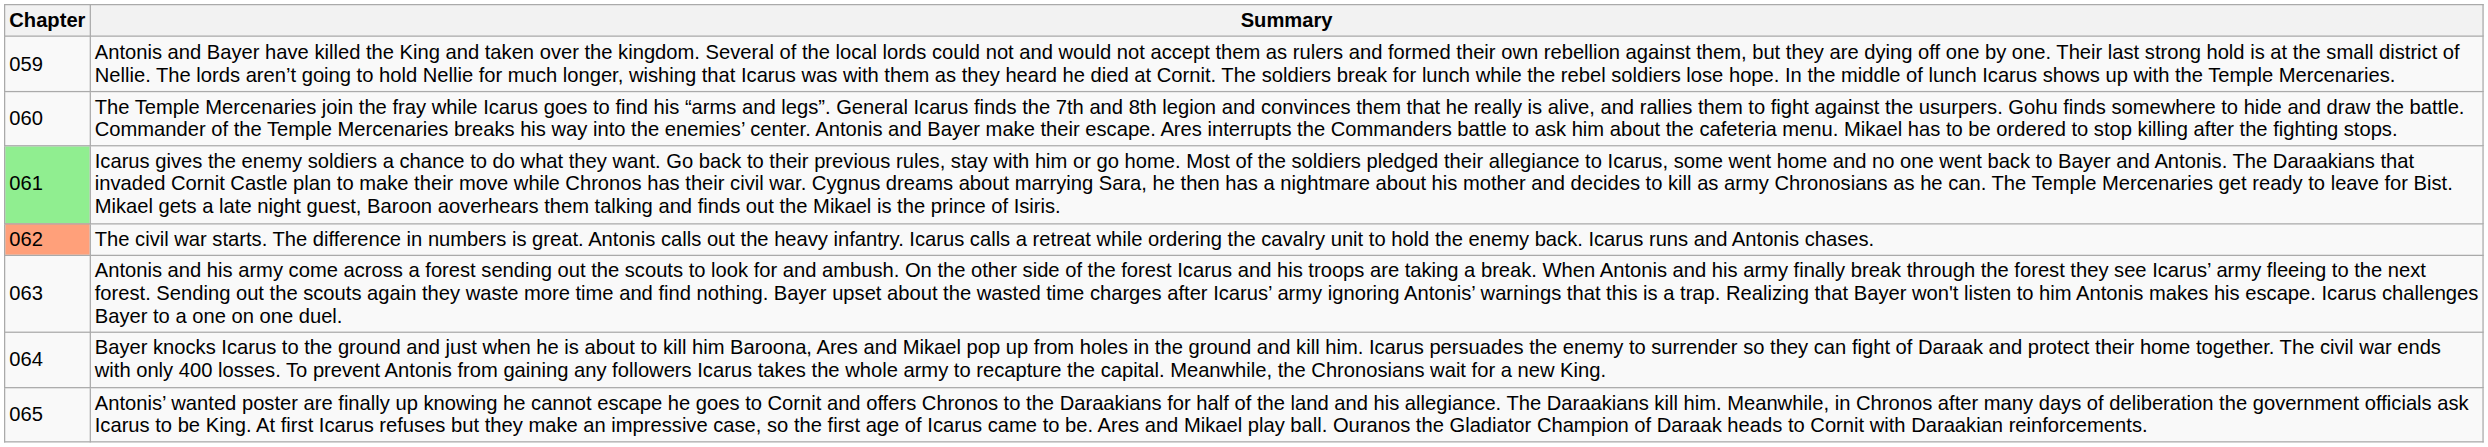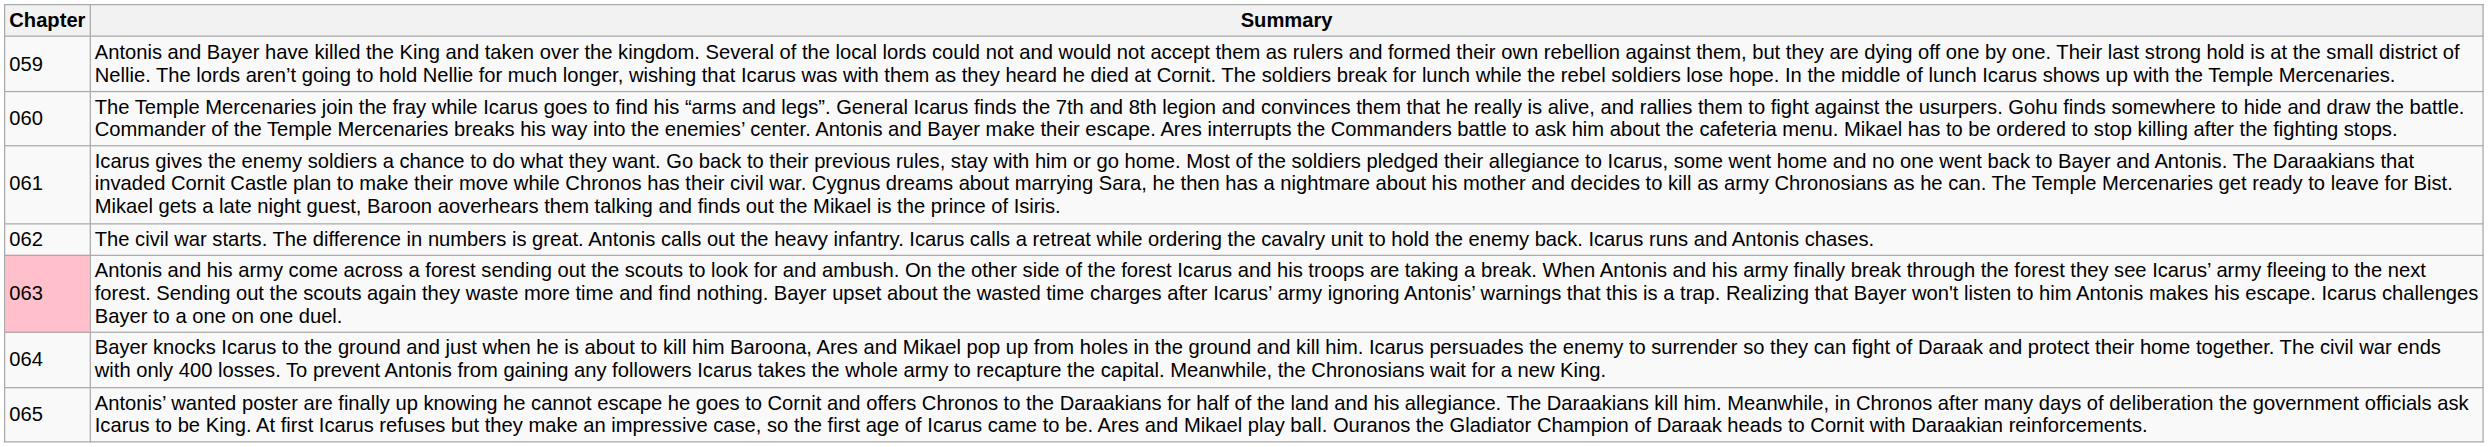 <table class="wikitable">
 <tr>
 <th>Chapter</th>
 <th>Summary</th>
 </tr>
 <tr>
 <td>059</td>
 <td>Antonis and Bayer have killed the King and taken over the kingdom. Several of the local lords could not and would not accept them as rulers and formed their own rebellion against them, but they are dying off one by one. Their last strong hold is at the small district of Nellie. The lords aren’t going to hold Nellie for much longer, wishing that Icarus was with them as they heard he died at Cornit. The soldiers break for lunch while the rebel soldiers lose hope. In the middle of lunch Icarus shows up with the Temple Mercenaries.</td>
 </tr>
 <tr>
 <td>060</td>
 <td>The Temple Mercenaries join the fray while Icarus goes to find his “arms and legs”.  General Icarus finds the 7th and 8th legion and convinces them that he really is alive, and rallies them to fight against the usurpers. Gohu finds somewhere to hide and draw the battle. Commander of the Temple Mercenaries breaks his way into the enemies’ center. Antonis and Bayer make their escape. Ares interrupts the Commanders battle to ask him about the cafeteria menu. Mikael has to be ordered to stop killing after the fighting stops.</td>
 </tr>
 <tr>
-<td style="background: lightgreen;">061</td>
+<td>061</td>
 <td>Icarus gives the enemy soldiers a chance to do what they want. Go back to their previous rules, stay with him or go home. Most of the soldiers pledged their allegiance to Icarus, some went home and no one went back to Bayer and Antonis. The Daraakians that invaded Cornit Castle plan to make their move while Chronos has their civil war. Cygnus dreams about marrying Sara, he then has a nightmare about his mother and decides to kill as army Chronosians as he can. The Temple Mercenaries get ready to leave for Bist. Mikael gets a late night guest, Baroon aoverhears them talking and finds out the Mikael is the prince of Isiris.</td>
 </tr>
 <tr>
-<td style="background: lightsalmon;">062</td>
+<td>062</td>
 <td>The civil war starts. The difference in numbers is great. Antonis calls out the heavy infantry. Icarus calls a retreat while ordering the cavalry unit to hold the enemy back. Icarus runs and Antonis chases.</td>
 </tr>
 <tr>
-<td>063</td>
+<td style="background: pink;">063</td>
 <td>Antonis and his army come across a forest sending out the scouts to look for and ambush. On the other side of the forest Icarus and his troops are taking a break. When Antonis and his army finally break through the forest they see Icarus’ army fleeing to the next forest. Sending out the scouts again they waste more time and find nothing. Bayer upset about the wasted time charges after Icarus’ army ignoring Antonis’ warnings that this is a trap. Realizing that Bayer won't listen to him Antonis makes his escape. Icarus challenges Bayer to a one on one duel.</td>
 </tr>
 <tr>
 <td>064</td>
 <td>Bayer knocks Icarus to the ground and just when he is about to kill him Baroona, Ares and Mikael pop up from holes in the ground and kill him. Icarus persuades the enemy to surrender so they can fight of Daraak and protect their home together. The civil war ends with only 400 losses. To prevent Antonis from gaining any followers Icarus takes the whole army to recapture the capital. Meanwhile, the Chronosians wait for a new King.</td>
 </tr>
 <tr>
 <td>065</td>
 <td>Antonis’ wanted poster are finally up knowing he cannot escape he goes to Cornit and offers Chronos to the Daraakians for half of the land and his allegiance. The Daraakians kill him. Meanwhile, in Chronos after many days of deliberation the government officials ask Icarus to be King. At first Icarus refuses but they make an impressive case, so the first age of Icarus came to be. Ares and Mikael play ball. Ouranos the Gladiator Champion of Daraak heads to Cornit with Daraakian reinforcements.</td>
 </tr>
 </table>
